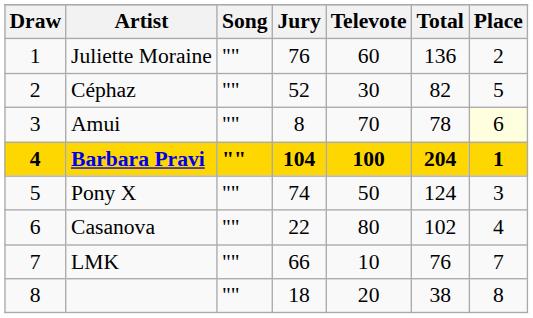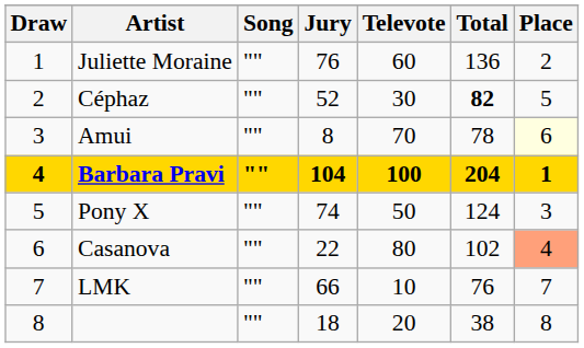 <table class="sortable wikitable" style="margin: 1em auto 1em auto; text-align:center;">
 <tr>
 </tr>
 <tr>
 <th>Draw</th>
 <th>Artist</th>
 <th>Song</th>
 <th>Jury</th>
 <th>Televote</th>
 <th>Total</th>
 <th>Place</th>
 </tr>
 <tr>
 <td>1</td>
 <td align="left">Juliette Moraine</td>
 <td align="left">""</td>
 <td>76</td>
 <td>60</td>
 <td>136</td>
 <td>2</td>
 </tr>
 <tr>
 <td>2</td>
 <td align="left">Céphaz</td>
 <td align="left">""</td>
 <td>52</td>
 <td>30</td>
-<td>82</td>
+<td><strong>82</strong></td>
 <td>5</td>
 </tr>
 <tr>
 <td>3</td>
 <td align="left">Amui</td>
 <td align="left">""</td>
 <td>8</td>
 <td>70</td>
 <td>78</td>
 <td style="background: lightyellow;">6</td>
 </tr>
 <tr style="font-weight:bold; background:gold;">
 <td>4</td>
 <td align="left"><a href='#'>Barbara Pravi</a></td>
 <td align="left">""</td>
 <td>104</td>
 <td>100</td>
 <td>204</td>
 <td>1</td>
 </tr>
 <tr>
 <td>5</td>
 <td align="left">Pony X</td>
 <td align="left">""</td>
 <td>74</td>
 <td>50</td>
 <td>124</td>
 <td>3</td>
 </tr>
 <tr>
 <td>6</td>
 <td align="left">Casanova</td>
 <td align="left">""</td>
 <td>22</td>
 <td>80</td>
 <td>102</td>
-<td>4</td>
+<td style="background: lightsalmon;">4</td>
 </tr>
 <tr>
 <td>7</td>
 <td align="left">LMK</td>
 <td align="left">""</td>
 <td>66</td>
 <td>10</td>
 <td>76</td>
 <td>7</td>
 </tr>
 <tr>
 <td>8</td>
 <td align="left"></td>
 <td align="left">""</td>
 <td>18</td>
 <td>20</td>
 <td>38</td>
 <td>8</td>
 </tr>
 </table>
